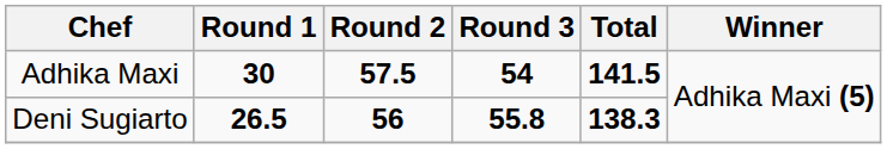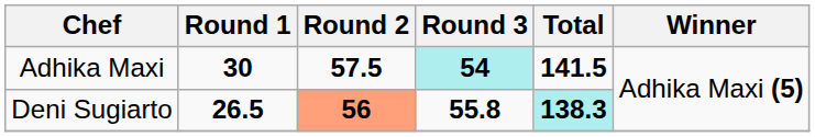 <table class="wikitable"  style="float:left; margin:auto; text-align:center;">
 <tr>
 <th>Chef</th>
 <th>Round 1</th>
 <th>Round 2</th>
 <th>Round 3</th>
 <th>Total</th>
 <th>Winner</th>
 </tr>
 <tr>
 <td>Adhika Maxi</td>
 <td><strong>30</strong></td>
 <td><strong>57.5</strong></td>
-<td><strong>54</strong></td>
+<td style="background: paleturquoise;"><strong>54</strong></td>
 <td><strong>141.5</strong></td>
 <td rowspan=2>Adhika Maxi <strong>(5)</strong></td>
 </tr>
 <tr>
 <td>Deni Sugiarto</td>
 <td><strong>26.5</strong></td>
-<td><strong>56</strong></td>
+<td style="background: lightsalmon;"><strong>56</strong></td>
 <td><strong>55.8</strong></td>
-<td><strong>138.3</strong></td>
+<td style="background: paleturquoise;"><strong>138.3</strong></td>
 </tr>
 <tr>
 </tr>
 </table>
